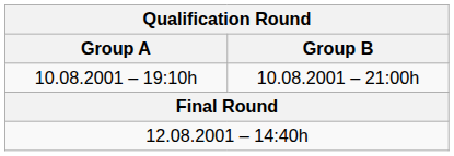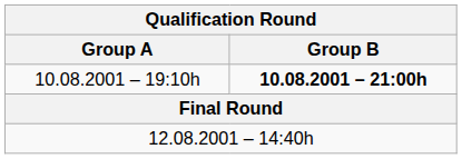 <table class="wikitable" style=" text-align:center; font-size:110%;" width="35%">
 <tr>
 <th colspan="2">Qualification Round</th>
 </tr>
 <tr>
 <th>Group A</th>
 <th>Group B</th>
 </tr>
 <tr>
 <td>10.08.2001 – 19:10h</td>
-<td>10.08.2001 – 21:00h</td>
+<td><strong>10.08.2001 – 21:00h</strong></td>
 </tr>
 <tr>
 <th colspan="2">Final Round</th>
 </tr>
 <tr>
 <td colspan="2">12.08.2001 – 14:40h</td>
 </tr>
 </table>
